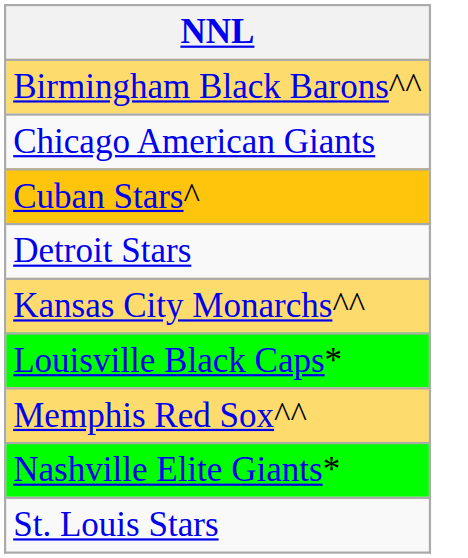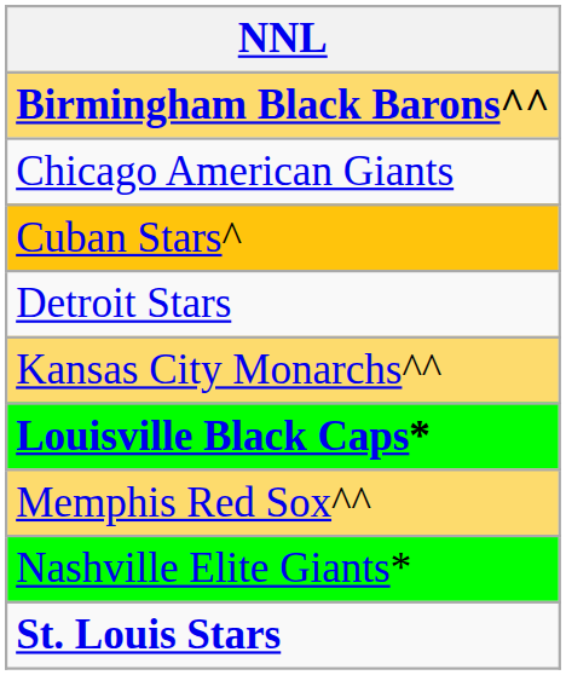 <table class="wikitable" style="font-size:100%;line-height:1.1;">
 <tr>
 <th><a href='#'>NNL</a></th>
 </tr>
 <tr>
-<td style="background-color: #FDDB6D;"><a href='#'>Birmingham Black Barons</a>^^</td>
+<td style="background-color: #FDDB6D;"><strong><a href='#'>Birmingham Black Barons</a>^^</strong></td>
 </tr>
 <tr>
 <td><a href='#'>Chicago American Giants</a></td>
 </tr>
 <tr>
 <td style="background-color: #FFC40C;"><a href='#'>Cuban Stars</a>^</td>
 </tr>
 <tr>
 <td><a href='#'>Detroit Stars</a></td>
 </tr>
 <tr>
 <td style="background-color: #FDDB6D;"><a href='#'>Kansas City Monarchs</a>^^</td>
 </tr>
 <tr>
-<td style="background-color: #00FF00;"><a href='#'>Louisville Black Caps</a>*</td>
+<td style="background-color: #00FF00;"><strong><a href='#'>Louisville Black Caps</a>*</strong></td>
 </tr>
 <tr>
 <td style="background-color: #FDDB6D;"><a href='#'>Memphis Red Sox</a>^^</td>
 </tr>
 <tr>
 <td style="background-color: #00FF00;"><a href='#'>Nashville Elite Giants</a>*</td>
 </tr>
 <tr>
-<td><a href='#'>St. Louis Stars</a></td>
+<td><strong><a href='#'>St. Louis Stars</a></strong></td>
 </tr>
 </table>
